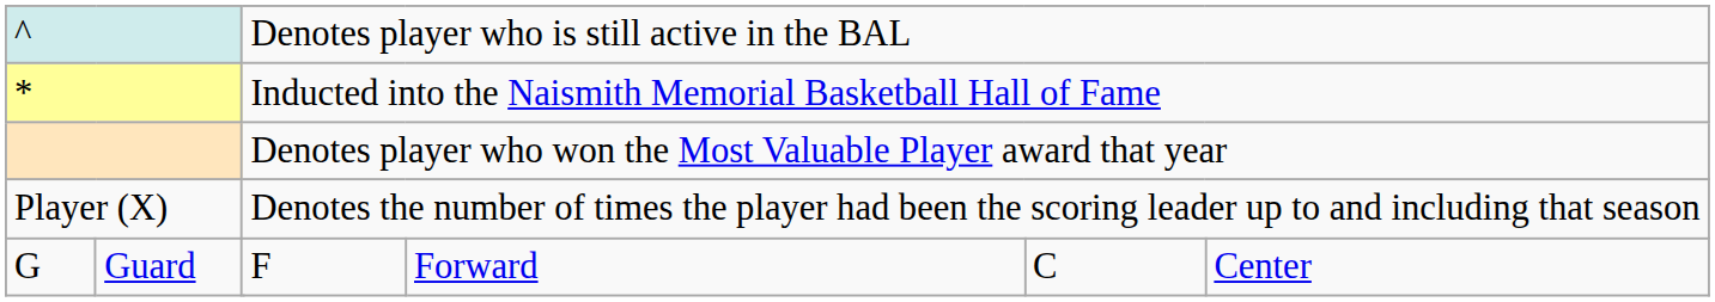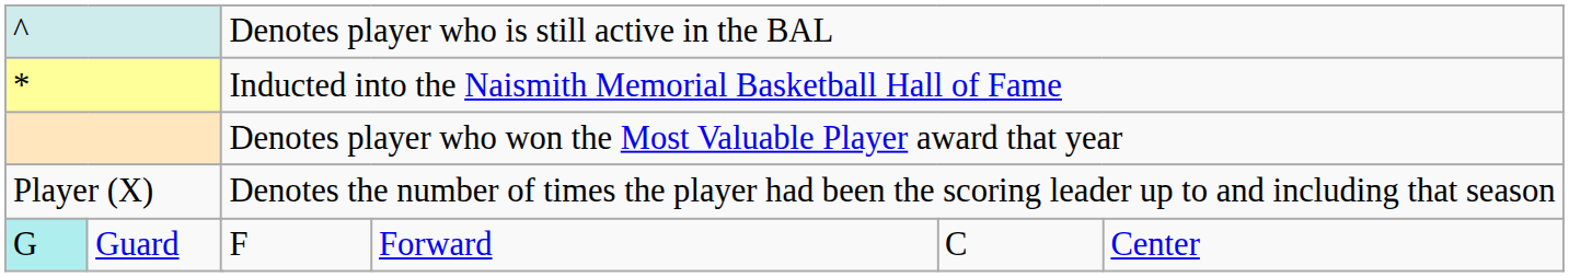 <table class="wikitable">
 <tr>
 <td style="background-color:#CFECEC; width:6em" colspan=2>^</td>
 <td colspan=5>Denotes player who is still active in the BAL</td>
 </tr>
 <tr>
 <td style="background-color:#FFFF99; width:6em" colspan=2>*</td>
 <td colspan=5>Inducted into the <a href='#'>Naismith Memorial Basketball Hall of Fame</a></td>
 </tr>
 <tr>
 <td style="background-color:#FFE6BD; border:1px solid #aaaaaa; width:6em" colspan=2></td>
 <td colspan=5>Denotes player who won the <a href='#'>Most Valuable Player</a> award that year</td>
 </tr>
 <tr>
 <td colspan=2>Player (X)</td>
 <td colspan=5>Denotes the number of times the player had been the scoring leader up to and including that season</td>
 </tr>
 <tr>
-<td style="width:2em">G</td>
+<td style="background: paleturquoise; width:2em">G</td>
 <td colspan=2><a href='#'>Guard</a></td>
 <td>F</td>
 <td><a href='#'>Forward</a></td>
 <td>C</td>
 <td><a href='#'>Center</a></td>
 </tr>
 </table>
